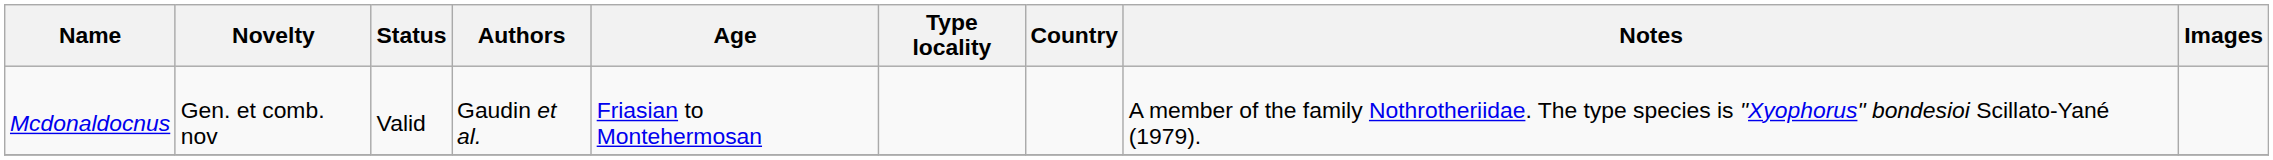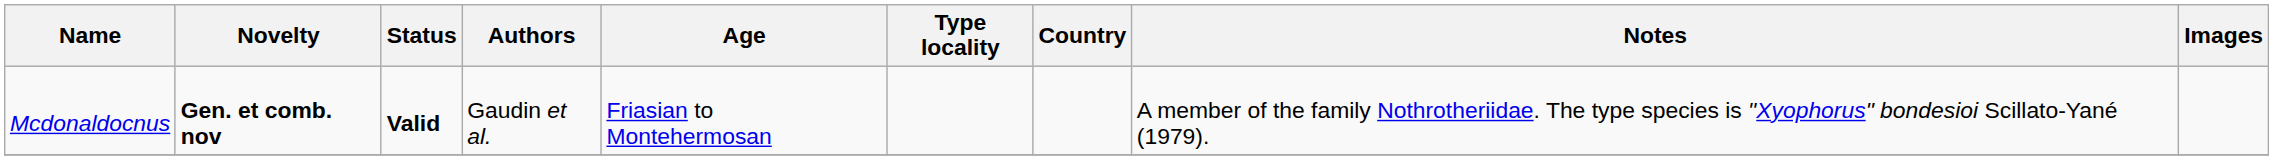 <table class="wikitable sortable" align="center" width="100%">
 <tr>
 <th>Name</th>
 <th>Novelty</th>
 <th>Status</th>
 <th>Authors</th>
 <th>Age</th>
 <th>Type locality</th>
 <th>Country</th>
 <th>Notes</th>
 <th>Images</th>
 </tr>
 <tr>
 <td><br><em><a href='#'>Mcdonaldocnus</a></em></td>
-<td><br>Gen. et comb. nov</td>
-<td><br>Valid</td>
+<td><strong><br>Gen. et comb. nov</strong></td>
+<td><strong><br>Valid</strong></td>
 <td><br>Gaudin <em>et al.</em></td>
 <td><br><a href='#'>Friasian</a> to <a href='#'>Montehermosan</a></td>
 <td></td>
 <td><br><br> </td>
 <td><br>A member of the family <a href='#'>Nothrotheriidae</a>. The type species is <em>"<a href='#'>Xyophorus</a>" bondesioi</em> Scillato-Yané (1979).</td>
 <td></td>
 </tr>
 <tr>
 </tr>
 </table>
